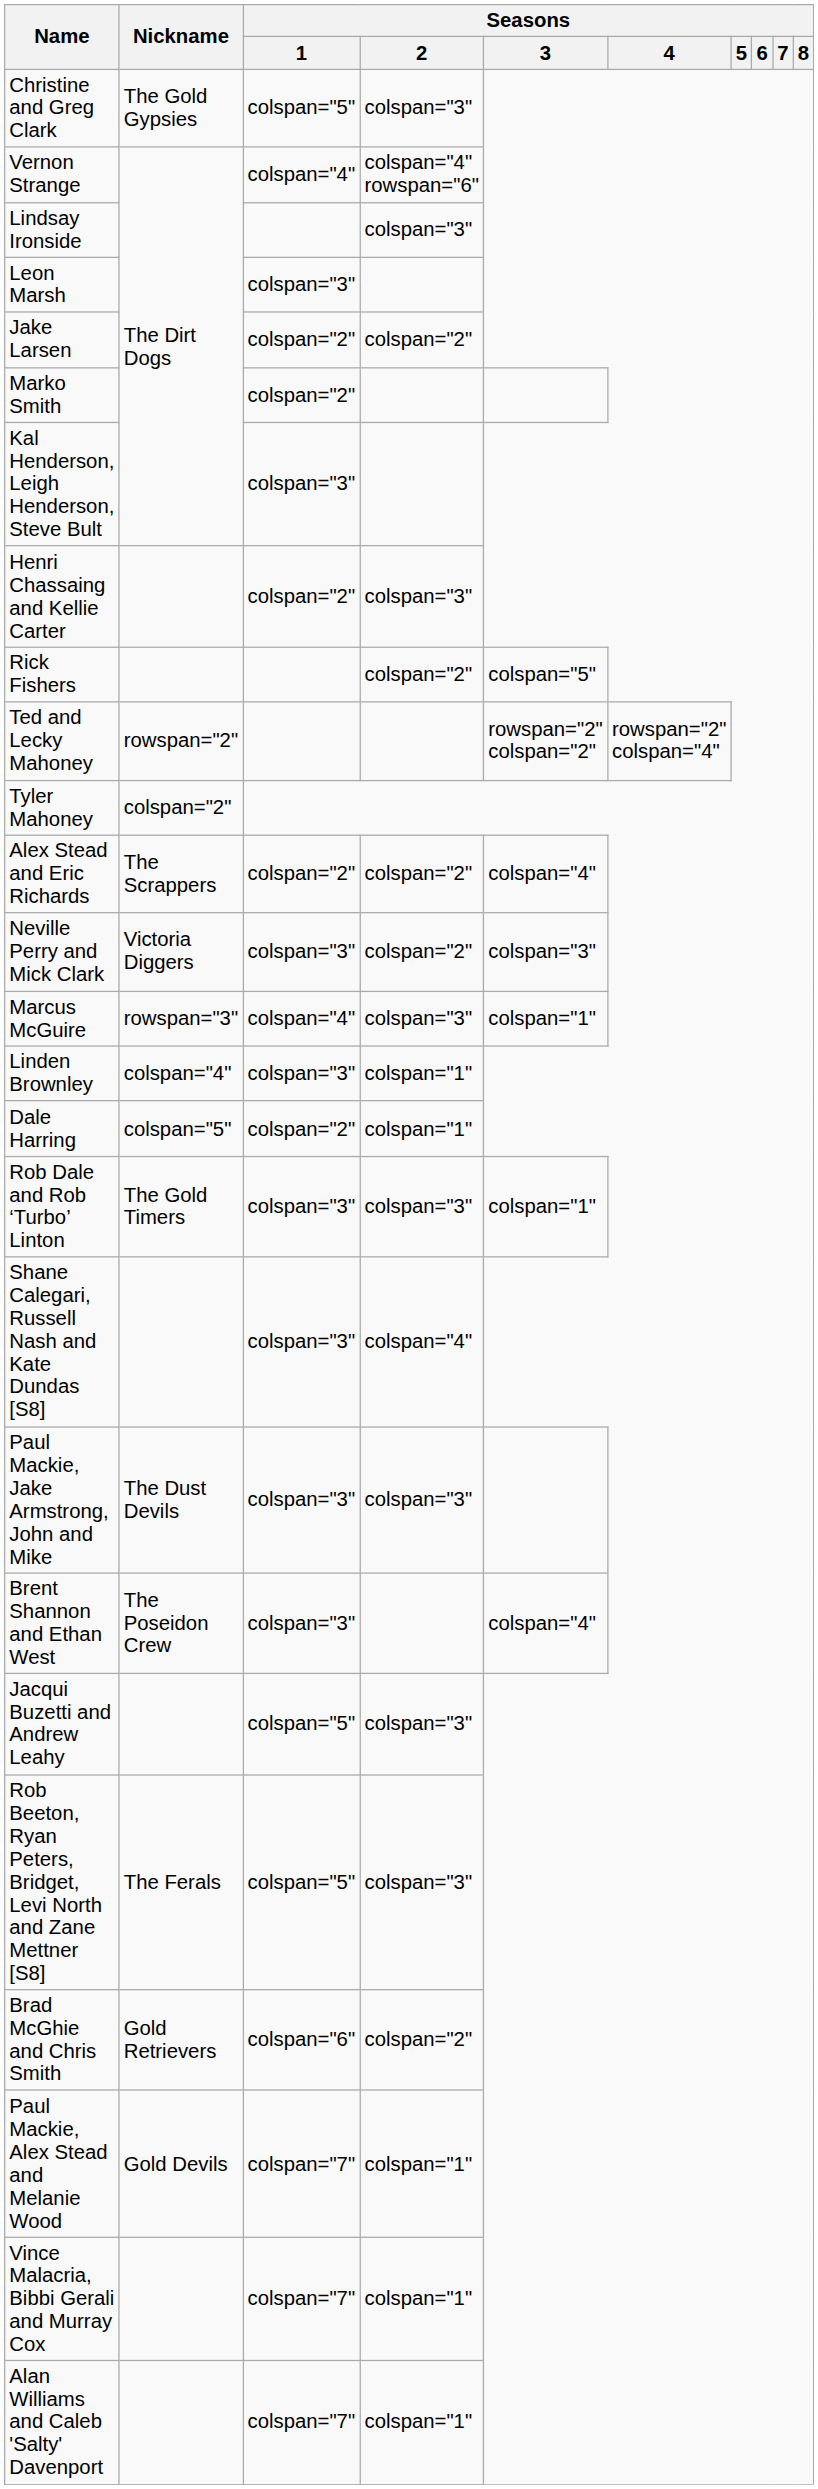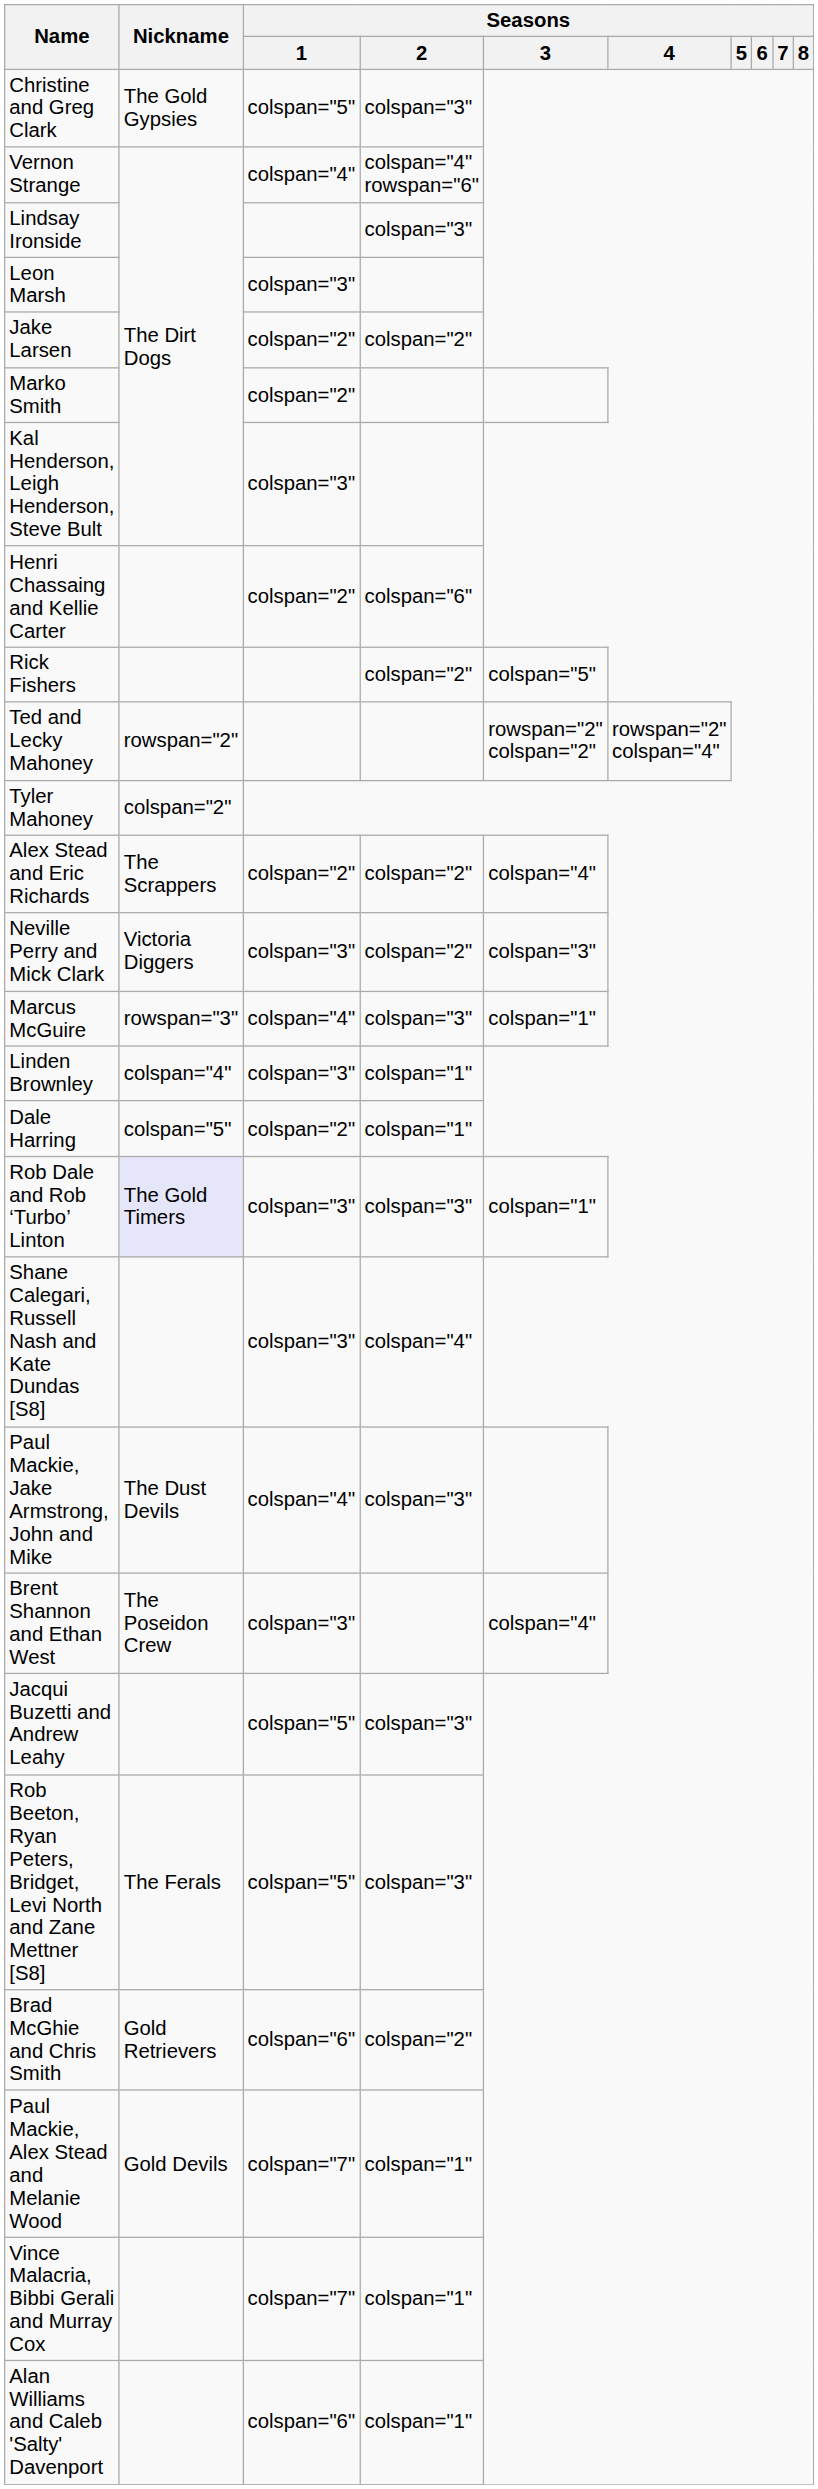 <table class="wikitable plainrowheaders" width:"100%;">
 <tr>
 <th scope="col" rowspan="2" style="width:15%;">Name</th>
 <th scope="col" rowspan="2" style="width:10%;">Nickname</th>
 <th scope="col" colspan="8">Seasons</th>
 </tr>
 <tr>
 <th scope="col" style="width:5%;">1</th>
 <th scope="col" style="width:5%;">2</th>
 <th scope="col" style="width:5%;">3</th>
 <th scope="col" style="width:5%;">4</th>
 <th scope="col" style="width:5%;">5</th>
 <th scope="col" style="width:5%;">6</th>
 <th scope="col" style="width:5%;">7</th>
 <th scope="col" style="width:5%;">8</th>
 </tr>
 <tr>
 <td scope="row">Christine and Greg Clark</td>
 <td>The Gold Gypsies</td>
 <td>colspan="5" </td>
 <td>colspan="3" </td>
 </tr>
 <tr>
 <td scope="row">Vernon Strange</td>
 <td rowspan="6">The Dirt Dogs</td>
 <td>colspan="4" </td>
 <td>colspan="4" rowspan="6" </td>
 </tr>
 <tr>
 <td>Lindsay Ironside</td>
 <td></td>
 <td>colspan="3" </td>
 </tr>
 <tr>
 <td>Leon Marsh</td>
 <td>colspan="3" </td>
 <td></td>
 </tr>
 <tr>
 <td>Jake Larsen</td>
 <td>colspan="2" </td>
 <td>colspan="2" </td>
 </tr>
 <tr>
 <td>Marko Smith</td>
 <td>colspan="2" </td>
 <td></td>
 <td></td>
 </tr>
 <tr>
 <td>Kal Henderson, Leigh Henderson, Steve Bult</td>
 <td>colspan="3" </td>
 <td></td>
 </tr>
 <tr>
 <td scope="row">Henri Chassaing and Kellie Carter</td>
 <td></td>
 <td>colspan="2" </td>
-<td>colspan="3" </td>
+<td>colspan="6" </td>
 </tr>
 <tr>
 <td scope="row">Rick Fishers</td>
 <td></td>
 <td></td>
 <td>colspan="2" </td>
 <td>colspan="5" </td>
 </tr>
 <tr>
 <td scope="row">Ted and Lecky Mahoney</td>
 <td>rowspan="2" </td>
 <td></td>
 <td></td>
 <td>rowspan="2" colspan="2" </td>
 <td>rowspan="2" colspan="4" </td>
 </tr>
 <tr>
 <td scope="row">Tyler Mahoney</td>
 <td>colspan="2" </td>
 </tr>
 <tr>
 <td scope="row">Alex Stead and Eric Richards</td>
 <td>The Scrappers</td>
 <td>colspan="2" </td>
 <td>colspan="2" </td>
 <td>colspan="4" </td>
 </tr>
 <tr>
 <td scope="row">Neville Perry and Mick Clark</td>
 <td>Victoria Diggers</td>
 <td>colspan="3" </td>
 <td>colspan="2" </td>
 <td>colspan="3" </td>
 </tr>
 <tr>
 <td scope="row">Marcus McGuire</td>
 <td>rowspan="3" </td>
 <td>colspan="4" </td>
 <td>colspan="3" </td>
 <td>colspan="1" </td>
 </tr>
 <tr>
 <td scope="row">Linden Brownley</td>
 <td>colspan="4" </td>
 <td>colspan="3" </td>
 <td>colspan="1" </td>
 </tr>
 <tr>
 <td scope="row">Dale Harring</td>
 <td>colspan="5" </td>
 <td>colspan="2" </td>
 <td>colspan="1" </td>
 </tr>
 <tr>
 <td scope="row">Rob Dale and Rob ‘Turbo’ Linton</td>
-<td>The Gold Timers</td>
+<td style="background: lavender;">The Gold Timers</td>
 <td>colspan="3" </td>
 <td>colspan="3" </td>
 <td>colspan="1" </td>
 </tr>
 <tr>
 <td scope="row">Shane Calegari, Russell Nash and Kate Dundas [S8]</td>
 <td></td>
 <td>colspan="3" </td>
 <td>colspan="4" </td>
 </tr>
 <tr>
 <td scope="row">Paul Mackie, Jake Armstrong, John and Mike</td>
 <td>The Dust Devils</td>
-<td>colspan="3" </td>
+<td>colspan="4" </td>
 <td>colspan="3" </td>
 <td></td>
 </tr>
 <tr>
 <td scope="row">Brent Shannon and Ethan West</td>
 <td>The Poseidon Crew</td>
 <td>colspan="3" </td>
 <td></td>
 <td>colspan="4" </td>
 </tr>
 <tr>
 <td scope="row">Jacqui Buzetti and Andrew Leahy</td>
 <td></td>
 <td>colspan="5" </td>
 <td>colspan="3" </td>
 </tr>
 <tr>
 <td scope="row">Rob Beeton, Ryan Peters, Bridget, Levi North and Zane Mettner [S8]</td>
 <td>The Ferals</td>
 <td>colspan="5" </td>
 <td>colspan="3" </td>
 </tr>
 <tr>
 <td scope="row">Brad McGhie and Chris Smith</td>
 <td>Gold Retrievers</td>
 <td>colspan="6" </td>
 <td>colspan="2"</td>
 </tr>
 <tr>
 <td scope="row">Paul Mackie, Alex Stead and Melanie Wood</td>
 <td>Gold Devils</td>
 <td>colspan="7" </td>
 <td>colspan="1" </td>
 </tr>
 <tr>
 <td scope="row">Vince Malacria, Bibbi Gerali and Murray Cox</td>
 <td></td>
 <td>colspan="7" </td>
 <td>colspan="1" </td>
 </tr>
 <tr>
 <td scope="row">Alan Williams and Caleb 'Salty' Davenport</td>
 <td></td>
-<td>colspan="7" </td>
+<td>colspan="6" </td>
 <td>colspan="1" </td>
 </tr>
 <tr>
 </tr>
 </table>
